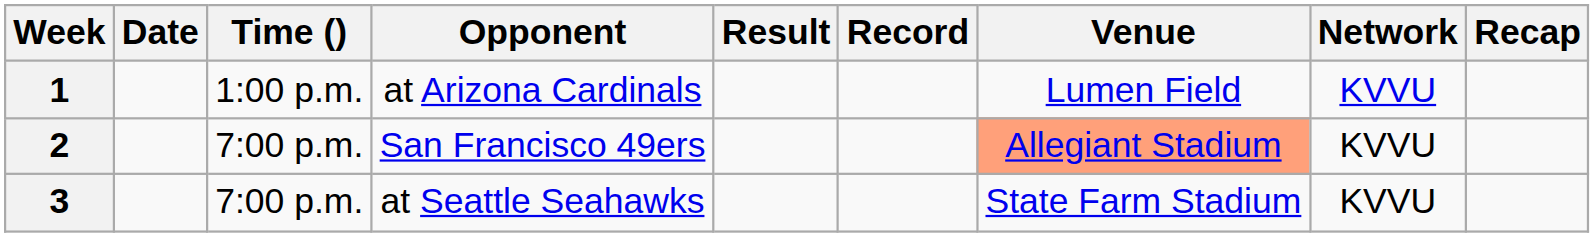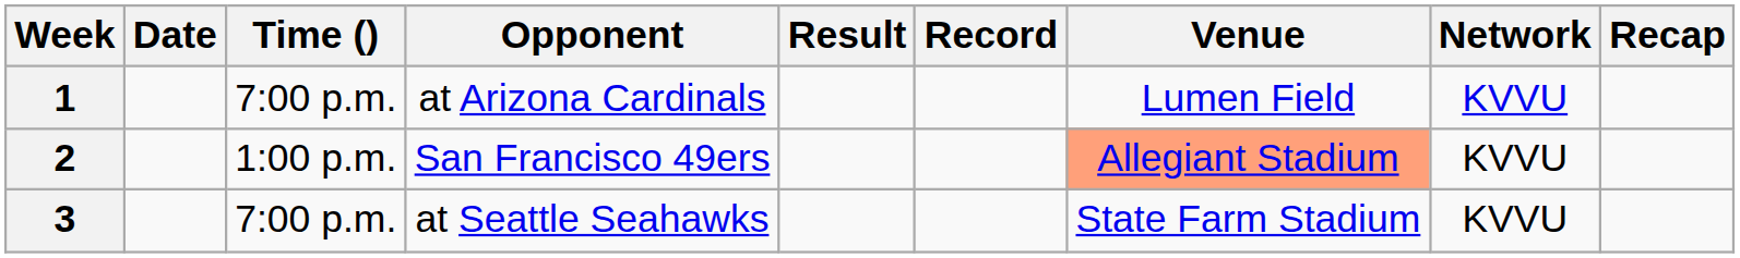 <table class="wikitable" style="text-align:center">
 <tr>
 <th>Week</th>
 <th>Date</th>
 <th>Time (<a href='#'></a>)</th>
 <th>Opponent</th>
 <th>Result</th>
 <th>Record</th>
 <th>Venue</th>
 <th>Network</th>
 <th>Recap</th>
 </tr>
 <tr>
 <th>1</th>
 <td></td>
-<td>1:00 p.m.</td>
+<td>7:00 p.m.</td>
 <td>at <a href='#'>Arizona Cardinals</a></td>
 <td></td>
 <td></td>
 <td><a href='#'>Lumen Field</a></td>
 <td><a href='#'>KVVU</a></td>
 <td></td>
 </tr>
 <tr>
 <th>2</th>
 <td></td>
-<td>7:00 p.m.</td>
+<td>1:00 p.m.</td>
 <td><a href='#'>San Francisco 49ers</a></td>
 <td></td>
 <td></td>
 <td style="background: lightsalmon;"><a href='#'>Allegiant Stadium</a></td>
 <td>KVVU</td>
 <td></td>
 </tr>
 <tr>
 <th>3</th>
 <td></td>
 <td>7:00 p.m.</td>
 <td>at <a href='#'>Seattle Seahawks</a></td>
 <td></td>
 <td></td>
 <td><a href='#'>State Farm Stadium</a></td>
 <td>KVVU</td>
 <td></td>
 </tr>
 </table>
